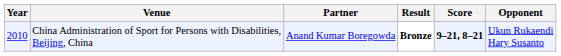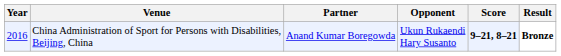 <table class="sortable wikitable" style="font-size: 90%;">
 <tr>
 <th>Year</th>
 <th>Venue</th>
 <th>Partner</th>
+<th>Opponent</th>
+<th>Score</th>
 <th>Result</th>
-<th>Score</th>
-<th>Opponent</th>
 </tr>
 <tr style="background:#ECF2FF">
-<td align="center"><a href='#'>2010</a></td>
+<td align="center"><a href='#'>2016</a></td>
 <td align="left">China Administration of Sport for Persons with Disabilities,<br><a href='#'>Beijing</a>, China</td>
 <td align="left"> <a href='#'>Anand Kumar Boregowda</a></td>
+<td align="left"> <a href='#'>Ukun Rukaendi</a><br> <a href='#'>Hary Susanto</a></td>
+<td align="left"><strong>9–21, 8–21</strong></td>
 <td style="text-align:left; background:white"> <strong>Bronze</strong></td>
-<td align="left"><strong>9–21, 8–21</strong></td>
-<td align="left"> <a href='#'>Ukun Rukaendi</a><br> <a href='#'>Hary Susanto</a></td>
 </tr>
 </table>
